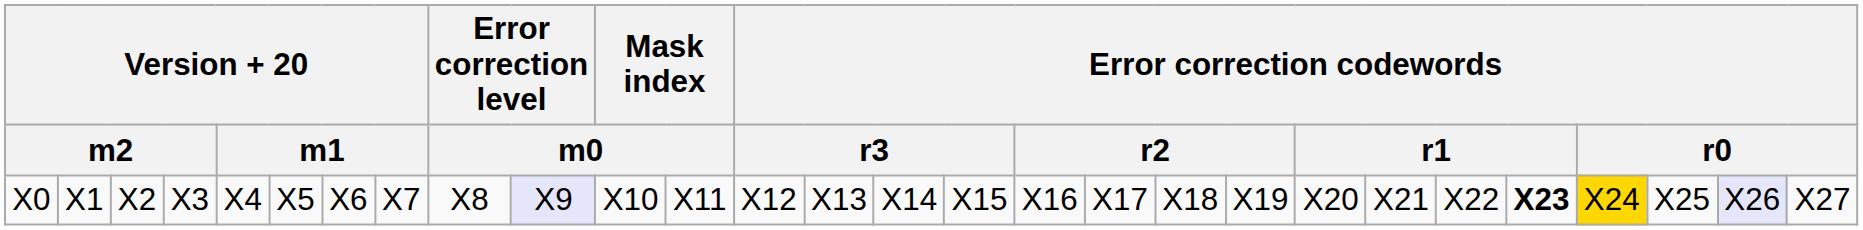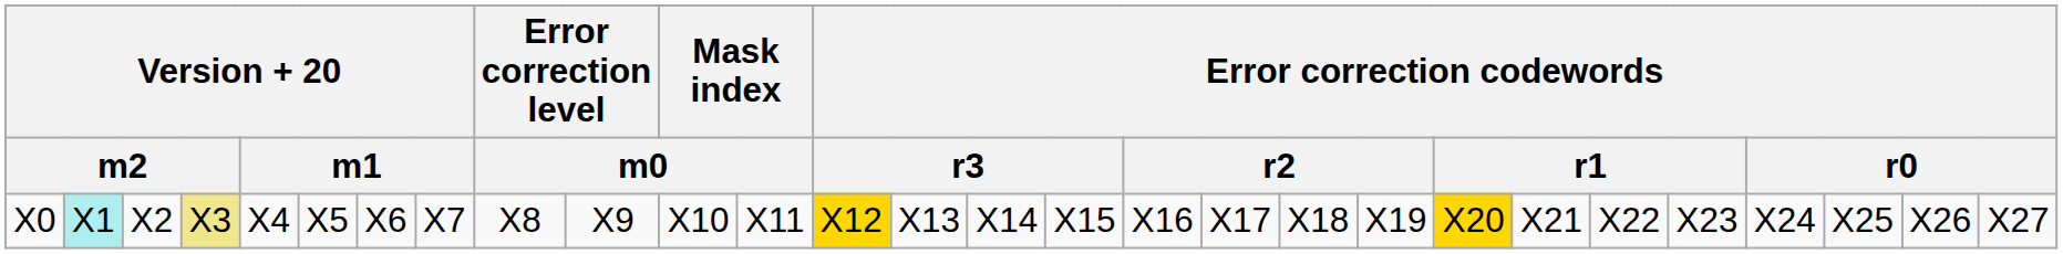 <table class="wikitable" border="1" style="text-align:center">
 <tr>
 <th colspan=8>Version + 20</th>
 <th colspan=2>Error correction level</th>
 <th colspan=2>Mask index</th>
 <th colspan=16>Error correction codewords</th>
 </tr>
 <tr>
 <th colspan=4>m2</th>
 <th colspan=4>m1</th>
 <th colspan=4>m0</th>
 <th colspan=4>r3</th>
 <th colspan=4>r2</th>
 <th colspan=4>r1</th>
 <th colspan=4>r0</th>
 </tr>
 <tr>
 <td>X0</td>
-<td>X1</td>
+<td style="background: paleturquoise;">X1</td>
 <td>X2</td>
-<td>X3</td>
+<td style="background: khaki;">X3</td>
 <td>X4</td>
 <td>X5</td>
 <td>X6</td>
 <td>X7</td>
 <td>X8</td>
-<td style="background: lavender;">X9</td>
+<td>X9</td>
 <td>X10</td>
 <td>X11</td>
-<td>X12</td>
+<td style="background: gold;">X12</td>
 <td>X13</td>
 <td>X14</td>
 <td>X15</td>
 <td>X16</td>
 <td>X17</td>
 <td>X18</td>
 <td>X19</td>
-<td>X20</td>
+<td style="background: gold;">X20</td>
 <td>X21</td>
 <td>X22</td>
-<td><strong>X23</strong></td>
-<td style="background: gold;">X24</td>
+<td>X23</td>
+<td>X24</td>
 <td>X25</td>
-<td style="background: lavender;">X26</td>
+<td>X26</td>
 <td>X27</td>
 </tr>
 </table>
